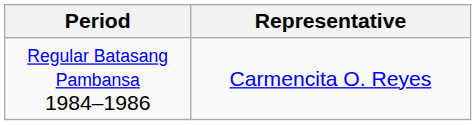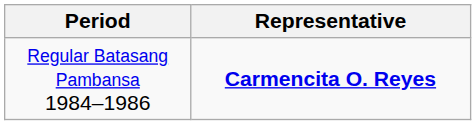 <table class="wikitable" style="text-align:center; width:40%;">
 <tr>
 <th width="40%">Period</th>
 <th>Representative</th>
 </tr>
 <tr>
 <td><small><a href='#'>Regular Batasang Pambansa</a></small><br>1984–1986</td>
-<td><a href='#'>Carmencita O. Reyes</a></td>
+<td><strong><a href='#'>Carmencita O. Reyes</a></strong></td>
 </tr>
 </table>
